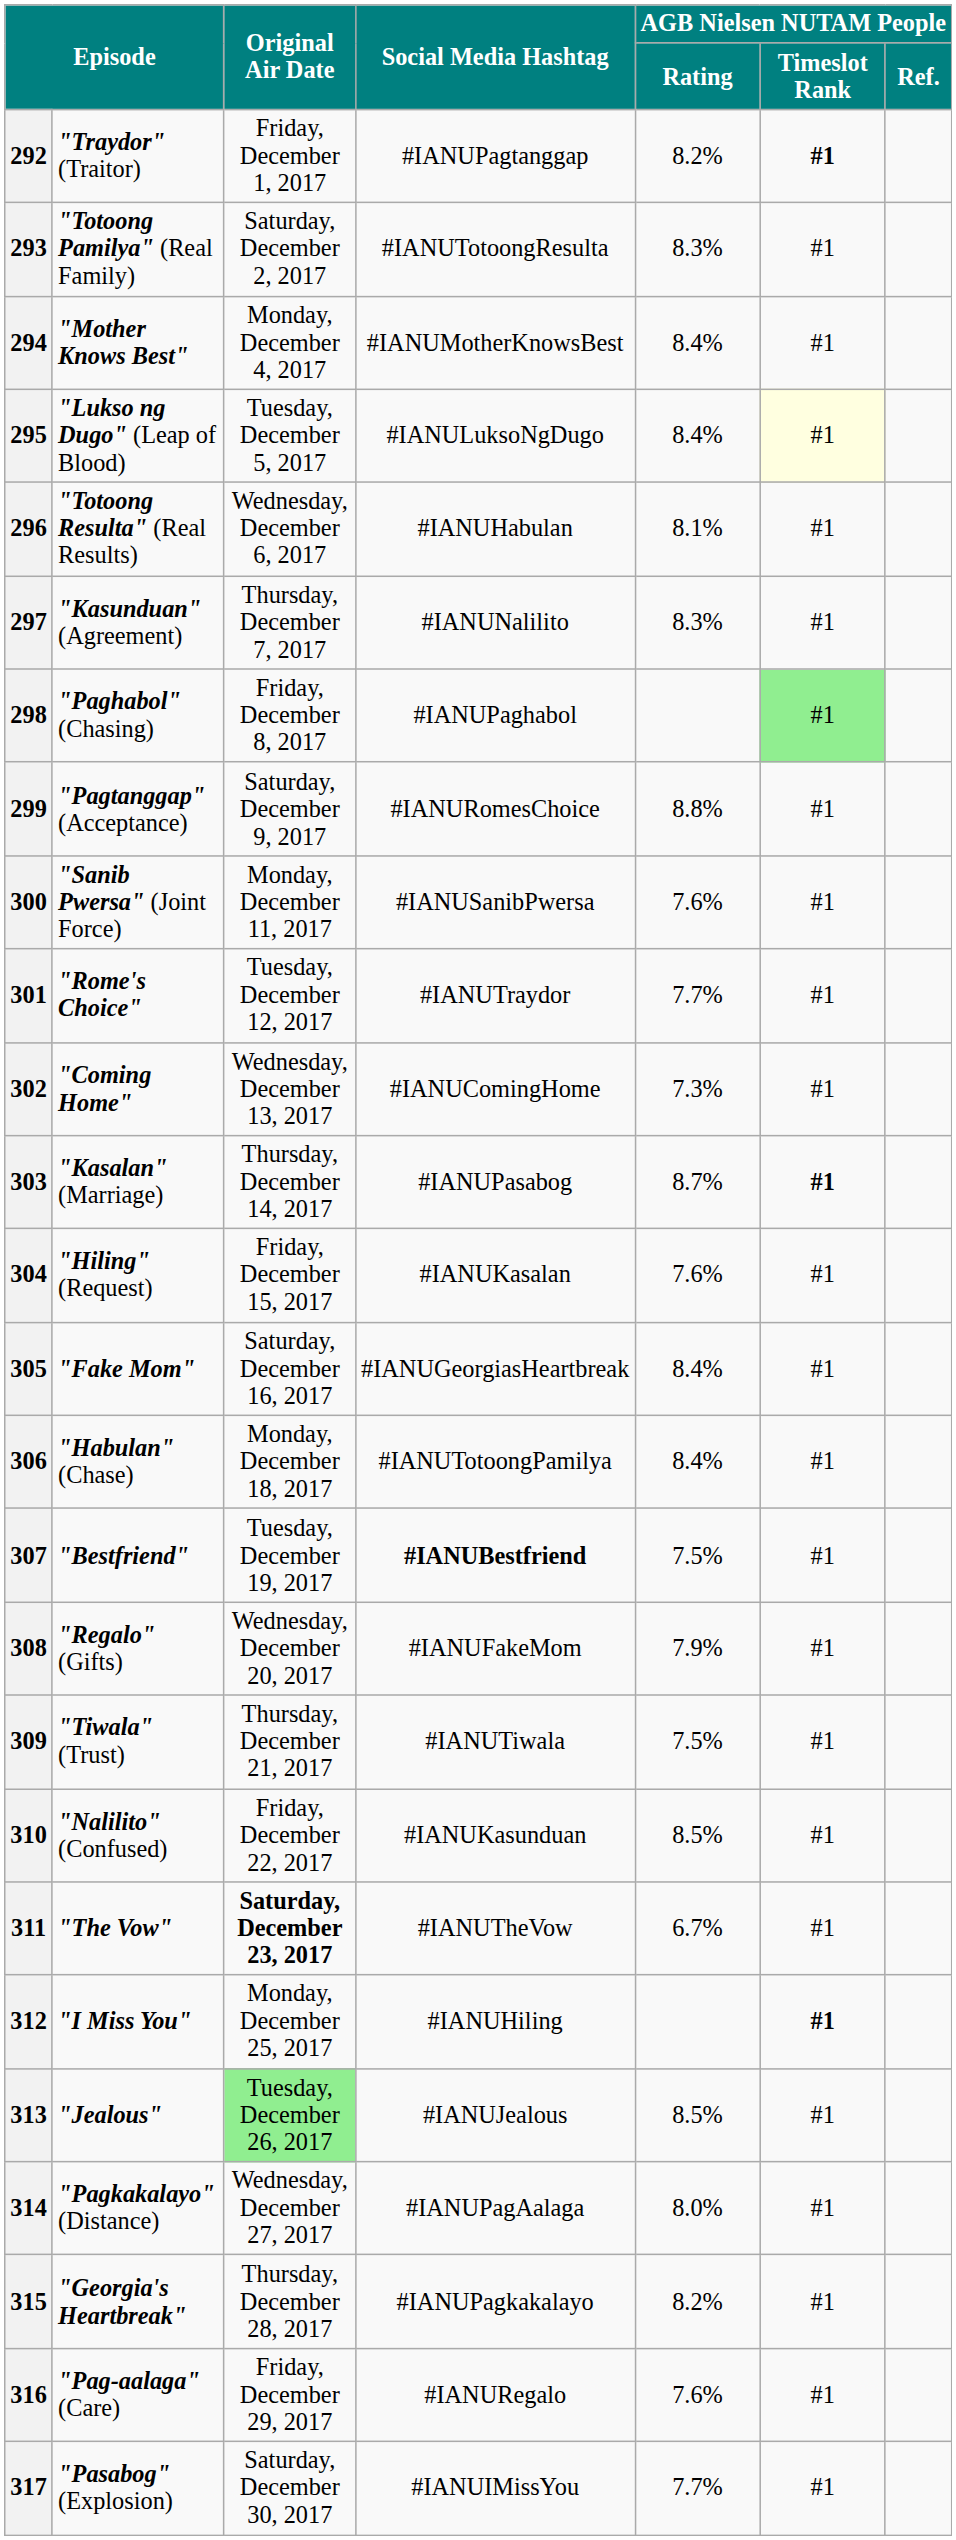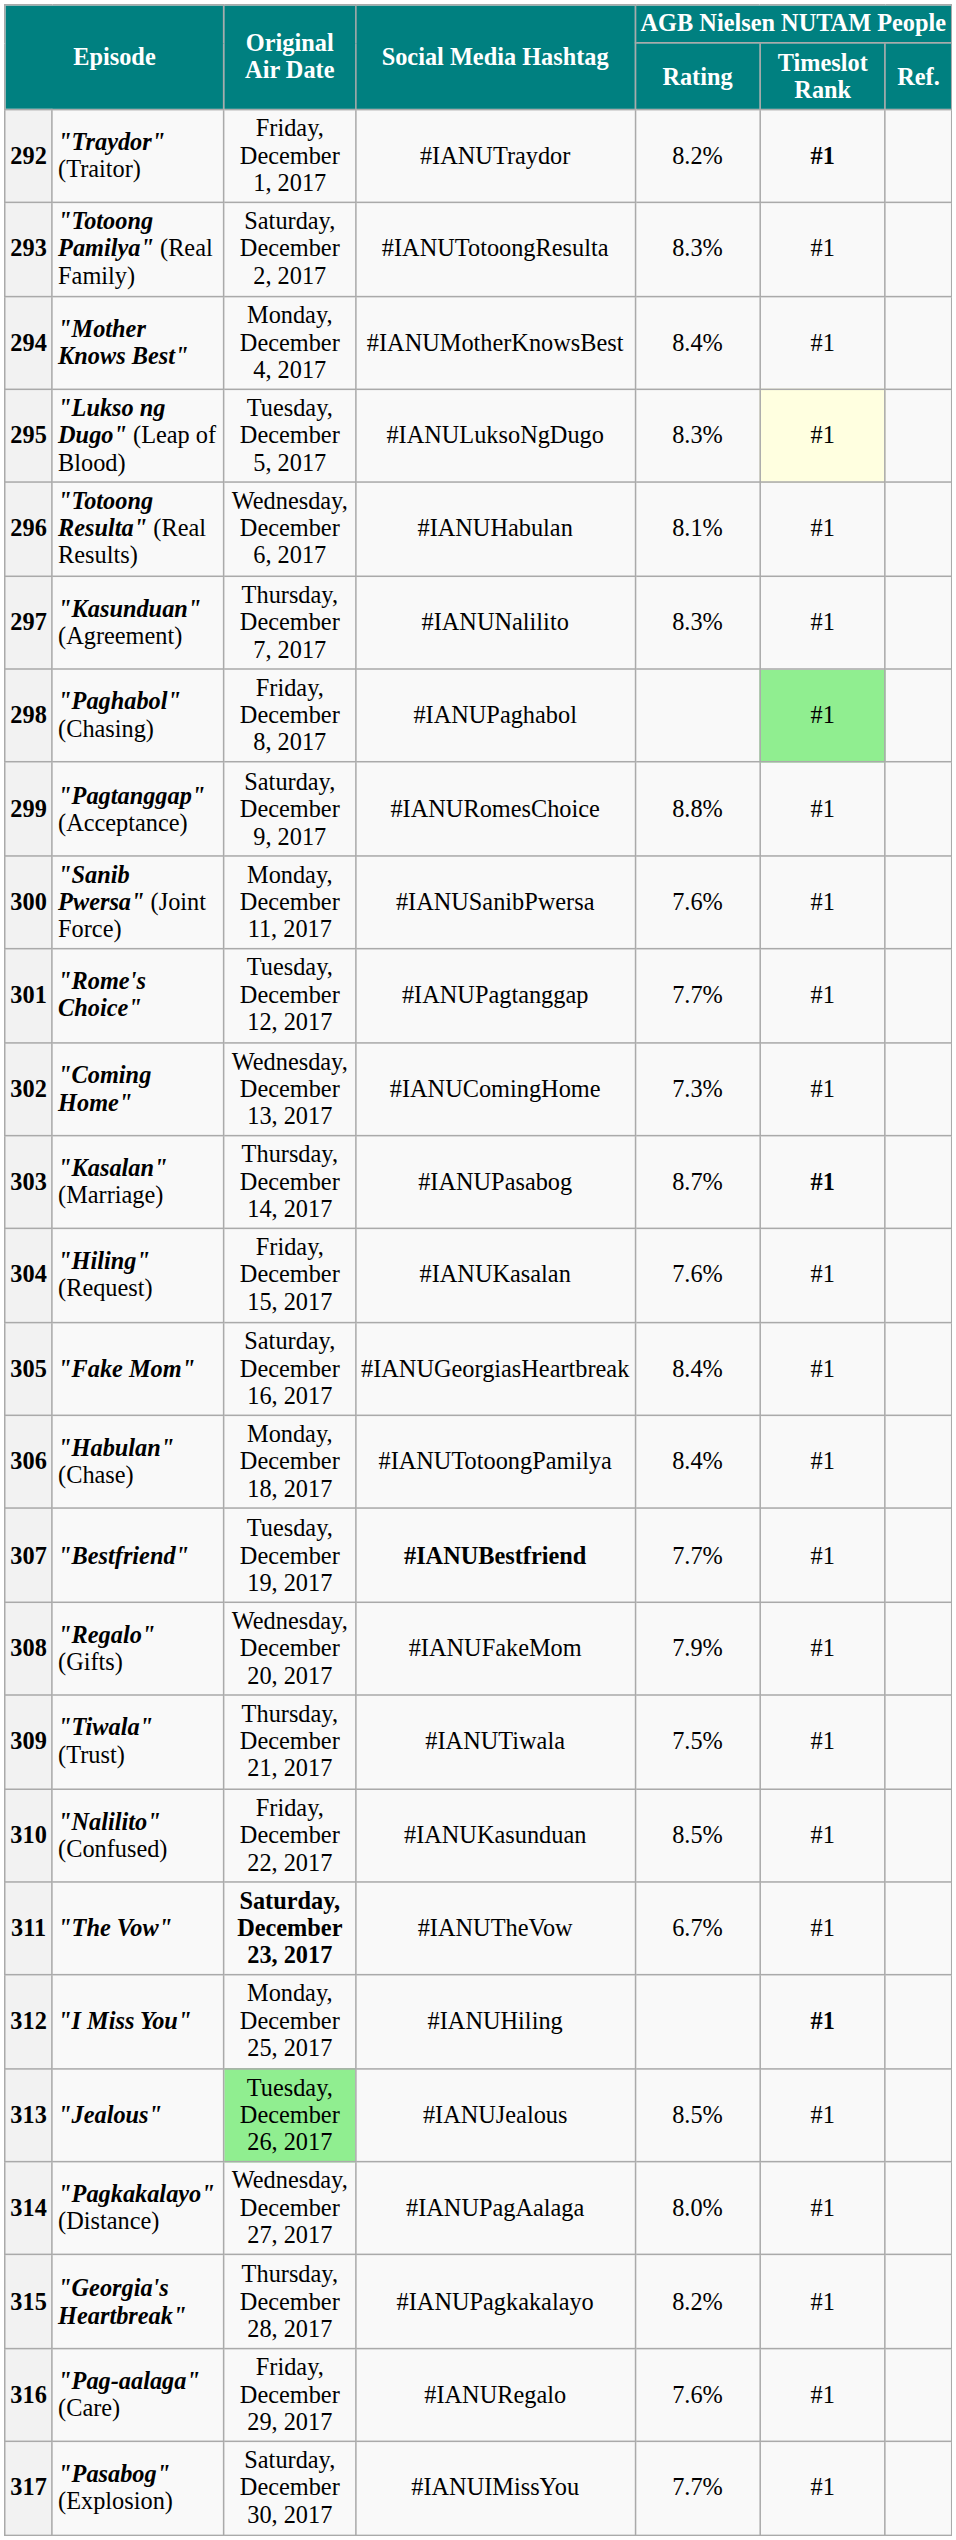 <table class="wikitable" style="text-align:center; font-size:100%; line-height:18px;"  width="100%">
 <tr>
 <th colspan="2" rowspan="2" style="background-color:#008080; color:#ffffff;">Episode</th>
 <th style="background:#008080; color:white" rowspan="2">Original Air Date</th>
 <th style="background:#008080; color:white" rowspan="2">Social Media Hashtag</th>
 <th style="background-color:#008080; color:#ffffff;" colspan="3">AGB Nielsen NUTAM People</th>
 </tr>
 <tr>
 <th style="background-color:#008080; width:75px; color:#ffffff;">Rating</th>
 <th style="background-color:#008080; width:75px; color:#ffffff;">Timeslot<br>Rank</th>
 <th style="background-color:#008080; color:#ffffff;">Ref.</th>
 </tr>
 <tr>
 <th>292</th>
 <td style="text-align: left;"><strong><em>"Traydor"</em></strong> (Traitor)</td>
 <td>Friday, December 1, 2017</td>
-<td>#IANUPagtanggap</td>
+<td>#IANUTraydor</td>
 <td>8.2%</td>
 <td><strong>#1</strong></td>
 <td></td>
 </tr>
 <tr>
 <th>293</th>
 <td style="text-align: left;"><strong><em>"Totoong Pamilya"</em></strong> (Real Family)</td>
 <td>Saturday, December 2, 2017</td>
 <td>#IANUTotoongResulta</td>
 <td>8.3%</td>
 <td>#1</td>
 <td></td>
 </tr>
 <tr>
 <th>294</th>
 <td style="text-align: left;"><strong><em>"Mother Knows Best"</em></strong></td>
 <td>Monday, December 4, 2017</td>
 <td>#IANUMotherKnowsBest</td>
 <td>8.4%</td>
 <td>#1</td>
 <td></td>
 </tr>
 <tr>
 <th>295</th>
 <td style="text-align: left;"><strong><em>"Lukso ng Dugo"</em></strong> (Leap of Blood)</td>
 <td>Tuesday, December 5, 2017</td>
 <td>#IANULuksoNgDugo</td>
-<td>8.4%</td>
+<td>8.3%</td>
 <td style="background: lightyellow;">#1</td>
 <td></td>
 </tr>
 <tr>
 <th>296</th>
 <td style="text-align: left;"><strong><em>"Totoong Resulta"</em></strong> (Real Results)</td>
 <td>Wednesday, December 6, 2017</td>
 <td>#IANUHabulan</td>
 <td>8.1%</td>
 <td>#1</td>
 <td></td>
 </tr>
 <tr>
 <th>297</th>
 <td style="text-align: left;"><strong><em>"Kasunduan"</em></strong> (Agreement)</td>
 <td>Thursday, December 7, 2017</td>
 <td>#IANUNalilito</td>
 <td>8.3%</td>
 <td>#1</td>
 <td></td>
 </tr>
 <tr>
 <th>298</th>
 <td style="text-align: left;"><strong><em>"Paghabol"</em></strong> (Chasing)</td>
 <td>Friday, December 8, 2017</td>
 <td>#IANUPaghabol</td>
 <td></td>
 <td style="background: lightgreen;">#1</td>
 <td></td>
 </tr>
 <tr>
 <th>299</th>
 <td style="text-align: left;"><strong><em>"Pagtanggap"</em></strong> (Acceptance)</td>
 <td>Saturday, December 9, 2017</td>
 <td>#IANURomesChoice</td>
 <td>8.8%</td>
 <td>#1</td>
 <td></td>
 </tr>
 <tr>
 <th>300</th>
 <td style="text-align: left;"><strong><em>"Sanib Pwersa"</em></strong> (Joint Force)</td>
 <td>Monday, December 11, 2017</td>
 <td>#IANUSanibPwersa</td>
 <td>7.6%</td>
 <td>#1</td>
 <td></td>
 </tr>
 <tr>
 <th>301</th>
 <td style="text-align: left;"><strong><em>"Rome's Choice"</em></strong></td>
 <td>Tuesday, December 12, 2017</td>
-<td>#IANUTraydor</td>
+<td>#IANUPagtanggap</td>
 <td>7.7%</td>
 <td>#1</td>
 <td></td>
 </tr>
 <tr>
 <th>302</th>
 <td style="text-align: left;"><strong><em>"Coming Home"</em></strong></td>
 <td>Wednesday, December 13, 2017</td>
 <td>#IANUComingHome</td>
 <td>7.3%</td>
 <td>#1</td>
 <td></td>
 </tr>
 <tr>
 <th>303</th>
 <td style="text-align: left;"><strong><em>"Kasalan"</em></strong> (Marriage)</td>
 <td>Thursday, December 14, 2017</td>
 <td>#IANUPasabog</td>
 <td>8.7%</td>
 <td><strong>#1</strong></td>
 <td></td>
 </tr>
 <tr>
 <th>304</th>
 <td style="text-align: left;"><strong><em>"Hiling"</em></strong> (Request)</td>
 <td>Friday, December 15, 2017</td>
 <td>#IANUKasalan</td>
 <td>7.6%</td>
 <td>#1</td>
 <td></td>
 </tr>
 <tr>
 <th>305</th>
 <td style="text-align: left;"><strong><em>"Fake Mom"</em></strong></td>
 <td>Saturday, December 16, 2017</td>
 <td>#IANUGeorgiasHeartbreak</td>
 <td>8.4%</td>
 <td>#1</td>
 <td></td>
 </tr>
 <tr>
 <th>306</th>
 <td style="text-align: left;"><strong><em>"Habulan"</em></strong> (Chase)</td>
 <td>Monday, December 18, 2017</td>
 <td>#IANUTotoongPamilya</td>
 <td>8.4%</td>
 <td>#1</td>
 <td></td>
 </tr>
 <tr>
 <th>307</th>
 <td style="text-align: left;"><strong><em>"Bestfriend"</em></strong></td>
 <td>Tuesday, December 19, 2017</td>
 <td><strong>#IANUBestfriend</strong></td>
-<td>7.5%</td>
+<td>7.7%</td>
 <td>#1</td>
 <td></td>
 </tr>
 <tr>
 <th>308</th>
 <td style="text-align: left;"><strong><em>"Regalo"</em></strong> (Gifts)</td>
 <td>Wednesday, December 20, 2017</td>
 <td>#IANUFakeMom</td>
 <td>7.9%</td>
 <td>#1</td>
 <td></td>
 </tr>
 <tr>
 <th>309</th>
 <td style="text-align: left;"><strong><em>"Tiwala"</em></strong> (Trust)</td>
 <td>Thursday, December 21, 2017</td>
 <td>#IANUTiwala</td>
 <td>7.5%</td>
 <td>#1</td>
 <td></td>
 </tr>
 <tr>
 <th>310</th>
 <td style="text-align: left;"><strong><em>"Nalilito"</em></strong> (Confused)</td>
 <td>Friday, December 22, 2017</td>
 <td>#IANUKasunduan</td>
 <td>8.5%</td>
 <td>#1</td>
 <td></td>
 </tr>
 <tr>
 <th>311</th>
 <td style="text-align: left;"><strong><em>"The Vow"</em></strong></td>
 <td><strong>Saturday, December 23, 2017</strong></td>
 <td>#IANUTheVow</td>
 <td>6.7%</td>
 <td>#1</td>
 <td></td>
 </tr>
 <tr>
 <th>312</th>
 <td style="text-align: left;"><strong><em>"I Miss You"</em></strong></td>
 <td>Monday, December 25, 2017</td>
 <td>#IANUHiling</td>
 <td></td>
 <td><strong>#1</strong></td>
 <td></td>
 </tr>
 <tr>
 <th>313</th>
 <td style="text-align: left;"><strong><em>"Jealous"</em></strong></td>
 <td style="background: lightgreen;">Tuesday, December 26, 2017</td>
 <td>#IANUJealous</td>
 <td>8.5%</td>
 <td>#1</td>
 <td></td>
 </tr>
 <tr>
 <th>314</th>
 <td style="text-align: left;"><strong><em>"Pagkakalayo"</em></strong> (Distance)</td>
 <td>Wednesday, December 27, 2017</td>
 <td>#IANUPagAalaga</td>
 <td>8.0%</td>
 <td>#1</td>
 <td></td>
 </tr>
 <tr>
 <th>315</th>
 <td style="text-align: left;"><strong><em>"Georgia's Heartbreak"</em></strong></td>
 <td>Thursday, December 28, 2017</td>
 <td>#IANUPagkakalayo</td>
 <td>8.2%</td>
 <td>#1</td>
 <td></td>
 </tr>
 <tr>
 <th>316</th>
 <td style="text-align: left;"><strong><em>"Pag-aalaga"</em></strong> (Care)</td>
 <td>Friday, December 29, 2017</td>
 <td>#IANURegalo</td>
 <td>7.6%</td>
 <td>#1</td>
 <td></td>
 </tr>
 <tr>
 <th>317</th>
 <td style="text-align: left;"><strong><em>"Pasabog"</em></strong> (Explosion)</td>
 <td>Saturday, December 30, 2017</td>
 <td>#IANUIMissYou</td>
 <td>7.7%</td>
 <td>#1</td>
 <td></td>
 </tr>
 <tr>
 </tr>
 </table>
